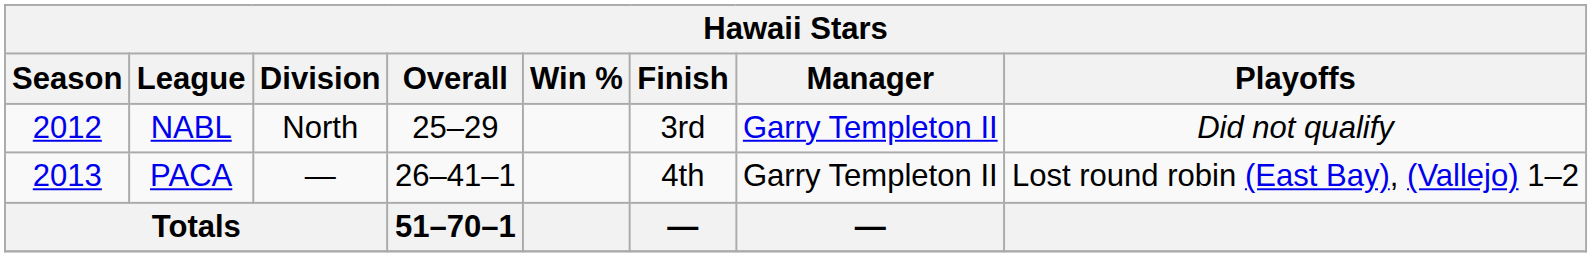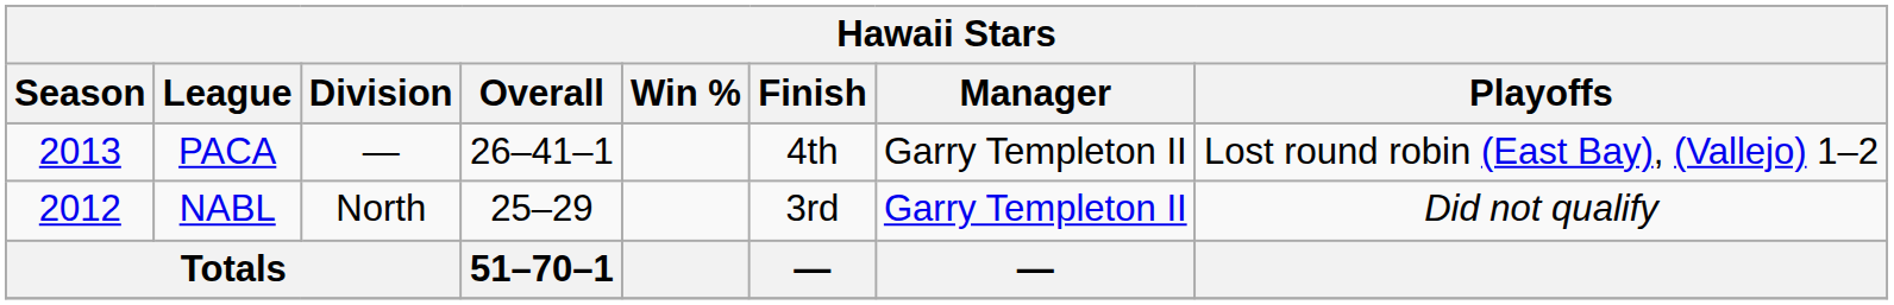 <table class="wikitable">
 <tr>
 <th colspan="8">Hawaii Stars</th>
 </tr>
 <tr>
 <th>Season</th>
 <th>League</th>
 <th>Division</th>
 <th>Overall</th>
 <th>Win %</th>
 <th>Finish</th>
 <th>Manager</th>
 <th>Playoffs</th>
 </tr>
 <tr align="center">
+<td><a href='#'>2013</a></td>
+<td><a href='#'>PACA</a></td>
+<td>—</td>
+<td>26–41–1</td>
+<td></td>
+<td>4th</td>
+<td>Garry Templeton II</td>
+<td>Lost round robin <a href='#'>(East Bay)</a>, <a href='#'>(Vallejo)</a> 1–2</td>
+</tr>
+<tr align="center">
 <td><a href='#'>2012</a></td>
 <td><a href='#'>NABL</a></td>
 <td>North</td>
 <td>25–29</td>
 <td></td>
 <td>3rd</td>
 <td><a href='#'>Garry Templeton II</a></td>
 <td><em>Did not qualify</em></td>
-</tr>
-<tr align="center">
-<td><a href='#'>2013</a></td>
-<td><a href='#'>PACA</a></td>
-<td>—</td>
-<td>26–41–1</td>
-<td></td>
-<td>4th</td>
-<td>Garry Templeton II</td>
-<td>Lost round robin <a href='#'>(East Bay)</a>, <a href='#'>(Vallejo)</a> 1–2</td>
 </tr>
 <tr align="center">
 <th colspan="3">Totals</th>
 <th>51–70–1</th>
 <th></th>
 <th>—</th>
 <th>—</th>
 <th></th>
 </tr>
 <tr>
 </tr>
 </table>
